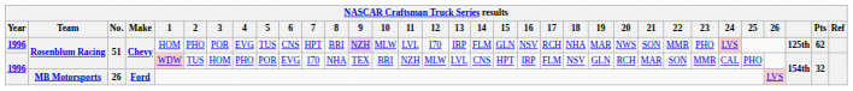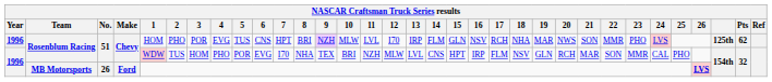 <table class="wikitable" style="text-align:center; font-size:75%">
 <tr>
 <th colspan=45><a href='#'>NASCAR Craftsman Truck Series</a> results</th>
 </tr>
 <tr>
 <th>Year</th>
 <th>Team</th>
 <th>No.</th>
 <th>Make</th>
 <th>1</th>
 <th>2</th>
 <th>3</th>
 <th>4</th>
 <th>5</th>
 <th>6</th>
 <th>7</th>
 <th>8</th>
 <th>9</th>
 <th>10</th>
 <th>11</th>
 <th>12</th>
 <th>13</th>
 <th>14</th>
 <th>15</th>
 <th>16</th>
 <th>17</th>
 <th>18</th>
 <th>19</th>
 <th>20</th>
 <th>21</th>
 <th>22</th>
 <th>23</th>
 <th>24</th>
 <th>25</th>
 <th>26</th>
 <th></th>
 <th>Pts</th>
 <th>Ref</th>
 </tr>
 <tr>
 <th><a href='#'>1996</a></th>
 <th rowspan=2><a href='#'>Rosenblum Racing</a></th>
 <th rowspan=2>51</th>
 <th rowspan=2><a href='#'>Chevy</a></th>
 <td><a href='#'>HOM</a></td>
 <td><a href='#'>PHO</a></td>
 <td><a href='#'>POR</a></td>
 <td><a href='#'>EVG</a></td>
 <td><a href='#'>TUS</a></td>
 <td><a href='#'>CNS</a></td>
 <td><a href='#'>HPT</a></td>
 <td><a href='#'>BRI</a></td>
 <td style="background:#EFCFFF;"><a href='#'>NZH</a><br></td>
 <td><a href='#'>MLW</a></td>
 <td><a href='#'>LVL</a></td>
 <td><a href='#'>I70</a></td>
 <td><a href='#'>IRP</a></td>
 <td><a href='#'>FLM</a></td>
 <td><a href='#'>GLN</a></td>
 <td><a href='#'>NSV</a></td>
 <td><a href='#'>RCH</a></td>
 <td><a href='#'>NHA</a></td>
 <td><a href='#'>MAR</a></td>
 <td><a href='#'>NWS</a></td>
 <td><a href='#'>SON</a></td>
 <td><a href='#'>MMR</a></td>
 <td><a href='#'>PHO</a></td>
 <td style="background:#FFCFCF;"><a href='#'>LVS</a><br></td>
 <td colspan=2></td>
 <th>125th</th>
 <th>62</th>
 <th></th>
 </tr>
 <tr>
 <th rowspan=2><a href='#'>1996</a></th>
 <td style="background:#FFCFCF;"><a href='#'>WDW</a><br></td>
 <td><a href='#'>TUS</a></td>
 <td><a href='#'>HOM</a></td>
 <td><a href='#'>PHO</a></td>
 <td><a href='#'>POR</a></td>
 <td><a href='#'>EVG</a></td>
 <td><a href='#'>I70</a></td>
 <td><a href='#'>NHA</a></td>
 <td><a href='#'>TEX</a></td>
 <td><a href='#'>BRI</a></td>
 <td><a href='#'>NZH</a></td>
 <td><a href='#'>MLW</a></td>
 <td><a href='#'>LVL</a></td>
 <td><a href='#'>CNS</a></td>
 <td><a href='#'>HPT</a></td>
 <td><a href='#'>IRP</a></td>
 <td><a href='#'>FLM</a></td>
 <td><a href='#'>NSV</a></td>
 <td><a href='#'>GLN</a></td>
 <td><a href='#'>RCH</a></td>
 <td><a href='#'>MAR</a></td>
 <td><a href='#'>SON</a></td>
 <td><a href='#'>MMR</a></td>
 <td><a href='#'>CAL</a></td>
 <td><a href='#'>PHO</a></td>
 <td></td>
 <th rowspan=2>154th</th>
 <th rowspan=2>32</th>
 <th rowspan=2></th>
 </tr>
 <tr>
 <th><a href='#'>MB Motorsports</a></th>
 <th>26</th>
 <th><a href='#'>Ford</a></th>
 <td colspan=25></td>
-<td style="background:#FFCFCF;"><a href='#'>LVS</a><br></td>
+<td style="background:#FFCFCF;"><strong><a href='#'>LVS</a><br></strong></td>
 </tr>
 </table>
